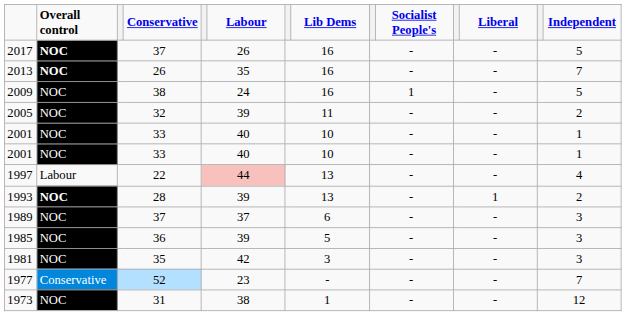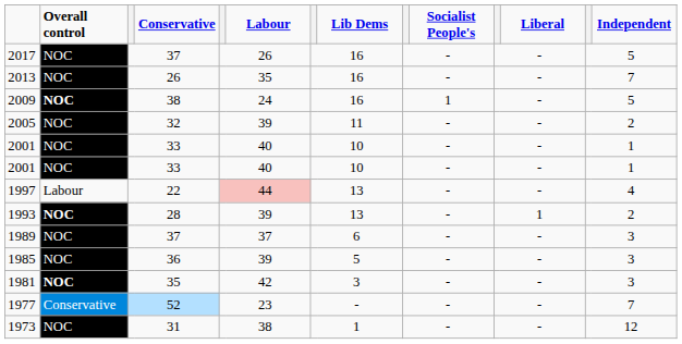 <table class="wikitable" style="text-align:left; padding-left:1em; font-size: 95%">
 <tr>
 <td width=32></td>
 <td width=90><strong>Overall control</strong></td>
 <th style="background-color: "></th>
 <td width=87 align="center"><strong><a href='#'>Conservative</a></strong></td>
 <th style="background-color: "></th>
 <td width=87 align="center"><strong><a href='#'>Labour</a></strong></td>
 <th style="background-color: "></th>
 <td width=87 align="center"><strong><a href='#'>Lib Dems</a></strong></td>
 <th style="background-color: "></th>
 <td width=87 align="center"><strong><a href='#'>Socialist People's</a></strong></td>
 <th style="background-color: "></th>
 <td width=87 align="center"><strong><a href='#'>Liberal</a></strong></td>
 <th style="background-color: "></th>
 <td width=87 align="center"><strong><a href='#'>Independent</a></strong></td>
 </tr>
 <tr>
 <td>2017</td>
-<td style="background:black; color:white"><strong>NOC</strong></td>
+<td style="background:black; color:white">NOC</td>
 <td colspan=2 align="center">37</td>
 <td colspan=2 align="center">26</td>
 <td colspan=2 align="center">16</td>
 <td colspan=2 align="center">-</td>
 <td colspan=2 align="center">-</td>
 <td colspan=2 align="center">5</td>
 </tr>
 <tr>
 <td>2013</td>
-<td style="background:black; color:white"><strong>NOC</strong></td>
+<td style="background:black; color:white">NOC</td>
 <td colspan=2 align="center">26</td>
 <td colspan=2 align="center">35</td>
 <td colspan=2 align="center">16</td>
 <td colspan=2 align="center">-</td>
 <td colspan=2 align="center">-</td>
 <td colspan=2 align="center">7</td>
 </tr>
 <tr>
 <td>2009</td>
-<td style="background:black; color:white">NOC</td>
+<td style="background:black; color:white"><strong>NOC</strong></td>
 <td colspan=2 align="center">38</td>
 <td colspan=2 align="center">24</td>
 <td colspan=2 align="center">16</td>
 <td colspan=2 align="center">1</td>
 <td colspan=2 align="center">-</td>
 <td colspan=2 align="center">5</td>
 </tr>
 <tr>
 <td>2005</td>
 <td style="background:black; color:white">NOC</td>
 <td colspan=2 align="center">32</td>
 <td colspan=2 align="center">39</td>
 <td colspan=2 align="center">11</td>
 <td colspan=2 align="center">-</td>
 <td colspan=2 align="center">-</td>
 <td colspan=2 align="center">2</td>
 </tr>
 <tr>
 <td>2001</td>
 <td style="background:black; color:white">NOC</td>
 <td colspan=2 align="center">33</td>
 <td colspan=2 align="center">40</td>
 <td colspan=2 align="center">10</td>
 <td colspan=2 align="center">-</td>
 <td colspan=2 align="center">-</td>
 <td colspan=2 align="center">1</td>
 </tr>
 <tr>
 <td>2001</td>
 <td style="background:black; color:white">NOC</td>
 <td colspan=2 align="center">33</td>
 <td colspan=2 align="center">40</td>
 <td colspan=2 align="center">10</td>
 <td colspan=2 align="center">-</td>
 <td colspan=2 align="center">-</td>
 <td colspan=2 align="center">1</td>
 </tr>
 <tr>
 <td>1997</td>
 <td style="background:">Labour</td>
 <td colspan=2 align="center">22</td>
 <td colspan=2 align="center" style="background:#F8C1BE">44</td>
 <td colspan=2 align="center">13</td>
 <td colspan=2 align="center">-</td>
 <td colspan=2 align="center">-</td>
 <td colspan=2 align="center">4</td>
 </tr>
 <tr>
 <td>1993</td>
 <td style="background:black; color:white"><strong>NOC</strong></td>
 <td colspan=2 align="center">28</td>
 <td colspan=2 align="center">39</td>
 <td colspan=2 align="center">13</td>
 <td colspan=2 align="center">-</td>
 <td colspan=2 align="center">1</td>
 <td colspan=2 align="center">2</td>
 </tr>
 <tr>
 <td>1989</td>
 <td style="background:black; color:white">NOC</td>
 <td colspan=2 align="center">37</td>
 <td colspan=2 align="center">37</td>
 <td colspan=2 align="center">6</td>
 <td colspan=2 align="center">-</td>
 <td colspan=2 align="center">-</td>
 <td colspan=2 align="center">3</td>
 </tr>
 <tr>
 <td>1985</td>
 <td style="background:black; color:white">NOC</td>
 <td colspan=2 align="center">36</td>
 <td colspan=2 align="center">39</td>
 <td colspan=2 align="center">5</td>
 <td colspan=2 align="center">-</td>
 <td colspan=2 align="center">-</td>
 <td colspan=2 align="center">3</td>
 </tr>
 <tr>
 <td>1981</td>
-<td style="background:black; color:white">NOC</td>
+<td style="background:black; color:white"><strong>NOC</strong></td>
 <td colspan=2 align="center">35</td>
 <td colspan=2 align="center">42</td>
 <td colspan=2 align="center">3</td>
 <td colspan=2 align="center">-</td>
 <td colspan=2 align="center">-</td>
 <td colspan=2 align="center">3</td>
 </tr>
 <tr>
 <td>1977</td>
 <td style="background:#0087DC; color:white">Conservative</td>
 <td colspan=2 align="center" style="background:#B3E0FF">52</td>
 <td colspan=2 align="center">23</td>
 <td colspan=2 align="center">-</td>
 <td colspan=2 align="center">-</td>
 <td colspan=2 align="center">-</td>
 <td colspan=2 align="center">7</td>
 </tr>
 <tr>
 <td>1973</td>
 <td style="background:black; color:white">NOC</td>
 <td colspan=2 align="center">31</td>
 <td colspan=2 align="center">38</td>
 <td colspan=2 align="center">1</td>
 <td colspan=2 align="center">-</td>
 <td colspan=2 align="center">-</td>
 <td colspan=2 align="center">12</td>
 </tr>
 </table>
